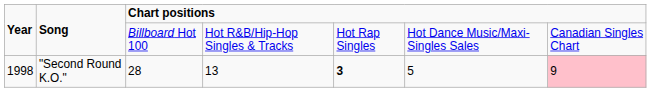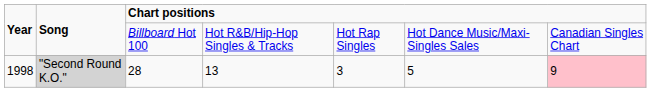 <table class="wikitable">
 <tr>
 <td rowspan="2"><strong>Year</strong></td>
 <td rowspan="2"><strong>Song</strong></td>
 <td colspan="5"><strong>Chart positions</strong></td>
 </tr>
 <tr>
 <td><a href='#'><em>Billboard</em> Hot 100</a></td>
 <td><a href='#'>Hot R&B/Hip-Hop Singles & Tracks</a></td>
 <td><a href='#'>Hot Rap Singles</a></td>
 <td><a href='#'>Hot Dance Music/Maxi-Singles Sales</a></td>
 <td><a href='#'>Canadian Singles Chart</a></td>
 </tr>
 <tr>
 <td>1998</td>
-<td>"Second Round K.O."</td>
+<td style="background: lightgrey;">"Second Round K.O."</td>
 <td>28</td>
 <td>13</td>
-<td><strong>3</strong></td>
+<td>3</td>
 <td>5</td>
 <td style="background: pink;">9</td>
 </tr>
 </table>
